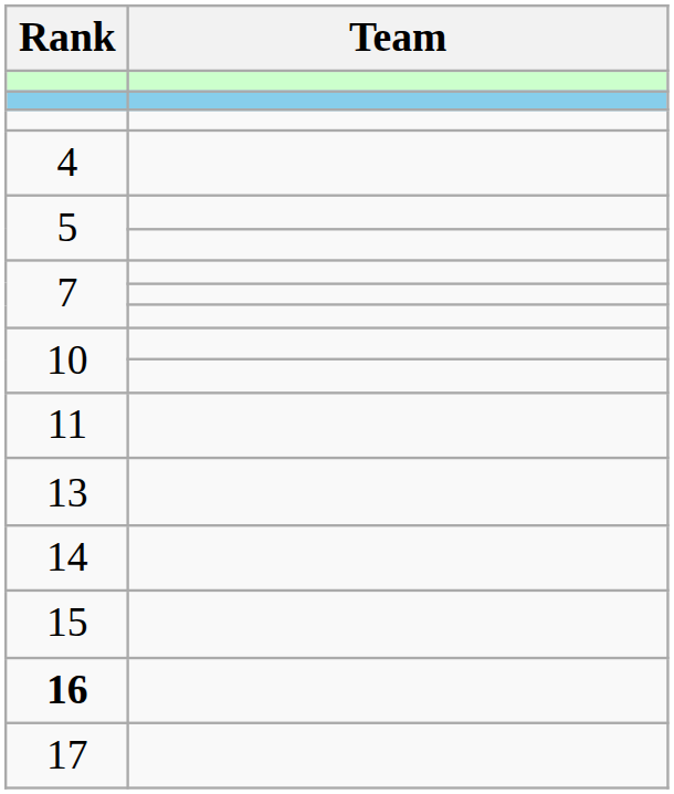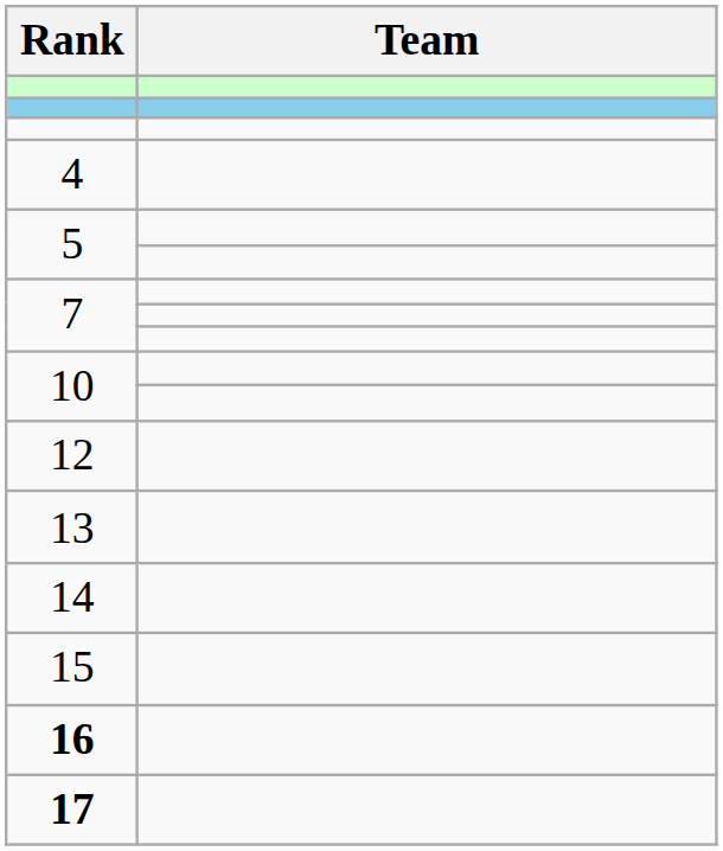 <table class="wikitable" style="text-align:center">
 <tr>
 <th width=40>Rank</th>
 <th width=200>Team</th>
 </tr>
 <tr bgcolor=#ccffcc>
 <td></td>
 <td style="text-align:left"></td>
 </tr>
 <tr bgcolor=#87ceeb>
 <td></td>
 <td style="text-align:left"></td>
 </tr>
 <tr>
 <td></td>
 <td style="text-align:left"></td>
 </tr>
 <tr>
 <td>4</td>
 <td style="text-align:left"></td>
 </tr>
 <tr>
 <td rowspan=2>5</td>
 <td style="text-align:left"></td>
 </tr>
 <tr>
 <td style="text-align:left"></td>
 </tr>
 <tr>
 <td rowspan=3>7</td>
 <td style="text-align:left"></td>
 </tr>
 <tr>
 <td style="text-align:left"></td>
 </tr>
 <tr>
 <td style="text-align:left"></td>
 </tr>
 <tr>
 <td rowspan=2>10</td>
 <td style="text-align:left"></td>
 </tr>
 <tr>
 <td style="text-align:left"></td>
 </tr>
 <tr>
-<td>11</td>
+<td>12</td>
 <td style="text-align:left"></td>
 </tr>
 <tr>
 <td>13</td>
 <td style="text-align:left"></td>
 </tr>
 <tr>
 <td>14</td>
 <td style="text-align:left"></td>
 </tr>
 <tr>
 <td>15</td>
 <td style="text-align:left"></td>
 </tr>
 <tr>
 <td><strong>16</strong></td>
 <td style="text-align:left"></td>
 </tr>
 <tr>
-<td>17</td>
+<td><strong>17</strong></td>
 <td style="text-align:left"></td>
 </tr>
 </table>
